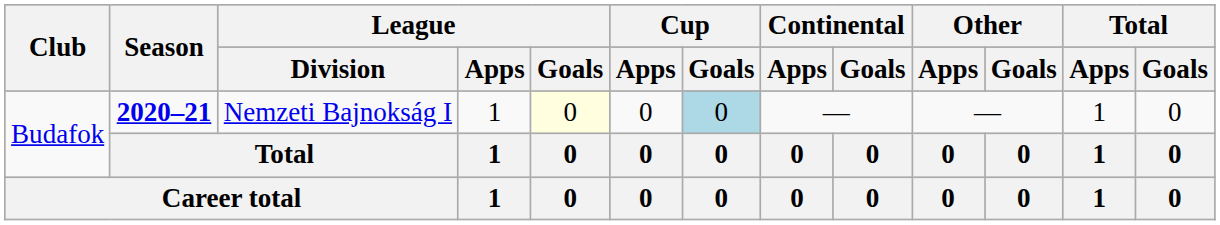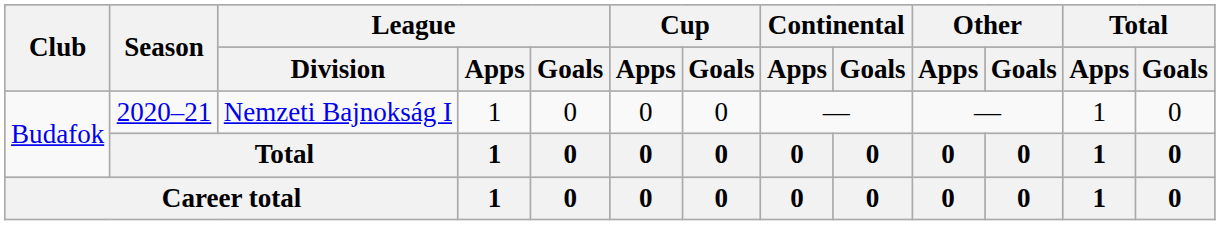 <table class="wikitable" style="text-align:center">
 <tr>
 <th rowspan="2">Club</th>
 <th rowspan="2">Season</th>
 <th colspan="3">League</th>
 <th colspan="2">Cup</th>
 <th colspan="2">Continental</th>
 <th colspan="2">Other</th>
 <th colspan="2">Total</th>
 </tr>
 <tr>
 <th>Division</th>
 <th>Apps</th>
 <th>Goals</th>
 <th>Apps</th>
 <th>Goals</th>
 <th>Apps</th>
 <th>Goals</th>
 <th>Apps</th>
 <th>Goals</th>
 <th>Apps</th>
 <th>Goals</th>
 </tr>
 <tr>
 <td rowspan="2"><a href='#'>Budafok</a></td>
-<td><strong><a href='#'>2020–21</a></strong></td>
+<td><a href='#'>2020–21</a></td>
 <td><a href='#'>Nemzeti Bajnokság I</a></td>
 <td>1</td>
-<td style="background: lightyellow;">0</td>
 <td>0</td>
-<td style="background: lightblue;">0</td>
+<td>0</td>
+<td>0</td>
 <td colspan="2">—</td>
 <td colspan="2">—</td>
 <td>1</td>
 <td>0</td>
 </tr>
 <tr>
 <th colspan="2">Total</th>
 <th>1</th>
 <th>0</th>
 <th>0</th>
 <th>0</th>
 <th>0</th>
 <th>0</th>
 <th>0</th>
 <th>0</th>
 <th>1</th>
 <th>0</th>
 </tr>
 <tr>
 <th colspan="3">Career total</th>
 <th>1</th>
 <th>0</th>
 <th>0</th>
 <th>0</th>
 <th>0</th>
 <th>0</th>
 <th>0</th>
 <th>0</th>
 <th>1</th>
 <th>0</th>
 </tr>
 </table>
